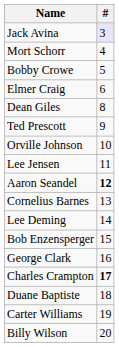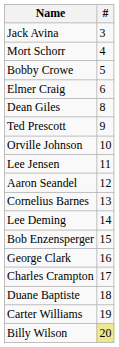 <table class="wikitable" style="text-align: left;">
 <tr>
 <th>Name</th>
 <th>#</th>
 </tr>
 <tr>
 <td>Jack Avina</td>
-<td style="background: lavender;">3</td>
+<td>3</td>
 </tr>
 <tr>
 <td>Mort Schorr</td>
 <td>4</td>
 </tr>
 <tr>
 <td>Bobby Crowe</td>
 <td>5</td>
 </tr>
 <tr>
 <td>Elmer Craig</td>
 <td>6</td>
 </tr>
 <tr>
 <td>Dean Giles</td>
 <td>8</td>
 </tr>
 <tr>
 <td>Ted Prescott</td>
 <td>9</td>
 </tr>
 <tr>
 <td>Orville Johnson</td>
 <td>10</td>
 </tr>
 <tr>
 <td>Lee Jensen</td>
 <td>11</td>
 </tr>
 <tr>
 <td>Aaron Seandel</td>
-<td><strong>12</strong></td>
+<td>12</td>
 </tr>
 <tr>
 <td>Cornelius Barnes</td>
 <td>13</td>
 </tr>
 <tr>
 <td>Lee Deming</td>
 <td>14</td>
 </tr>
 <tr>
 <td>Bob Enzensperger</td>
 <td>15</td>
 </tr>
 <tr>
 <td>George Clark</td>
 <td>16</td>
 </tr>
 <tr>
 <td>Charles Crampton</td>
-<td><strong>17</strong></td>
+<td>17</td>
 </tr>
 <tr>
 <td>Duane Baptiste</td>
 <td>18</td>
 </tr>
 <tr>
 <td>Carter Williams</td>
 <td>19</td>
 </tr>
 <tr>
 <td>Billy Wilson</td>
-<td>20</td>
+<td style="background: khaki;">20</td>
 </tr>
 </table>
